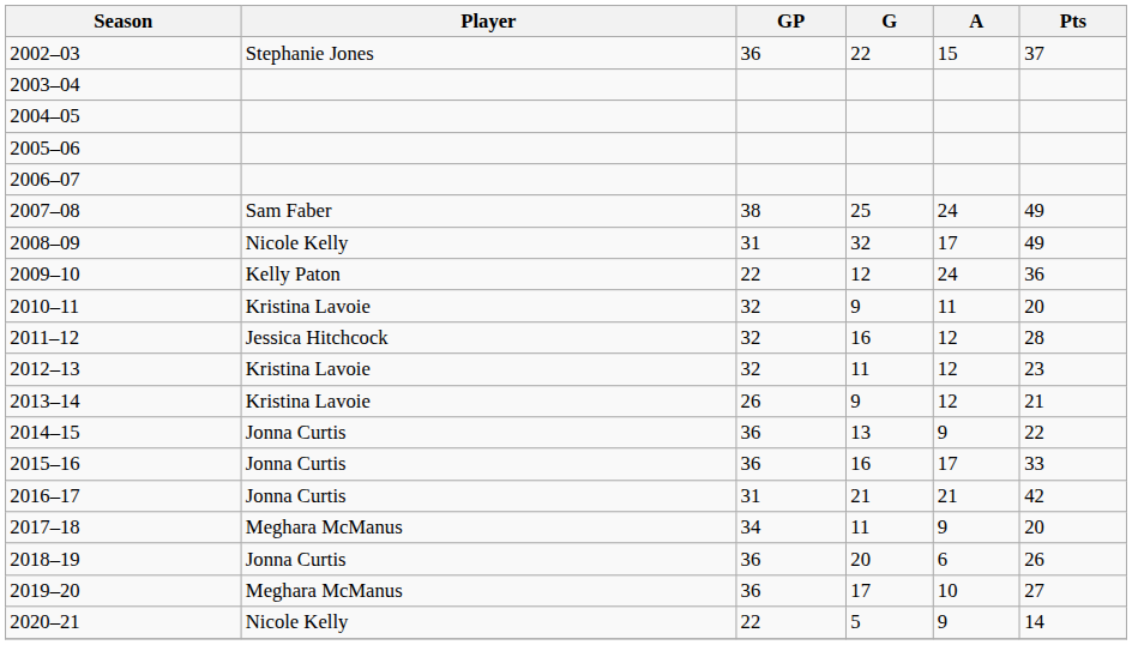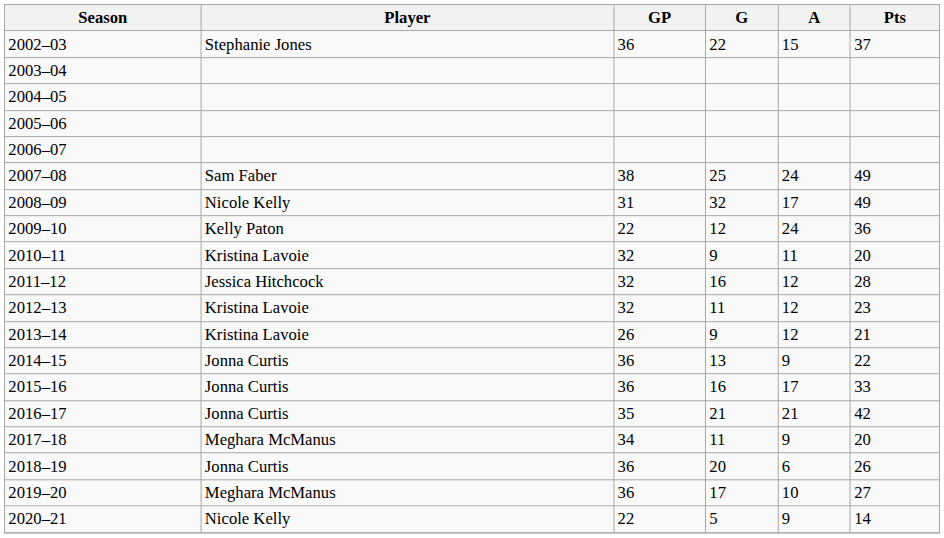 <table class="wikitable sortable" width = 900>
 <tr>
 <th>Season</th>
 <th>Player</th>
 <th>GP</th>
 <th>G</th>
 <th>A</th>
 <th>Pts</th>
 </tr>
 <tr>
 <td>2002–03</td>
 <td>Stephanie Jones</td>
 <td>36</td>
 <td>22</td>
 <td>15</td>
 <td>37</td>
 </tr>
 <tr>
 <td>2003–04</td>
 <td></td>
 <td></td>
 <td></td>
 <td></td>
 <td></td>
 </tr>
 <tr>
 <td>2004–05</td>
 <td></td>
 <td></td>
 <td></td>
 <td></td>
 <td></td>
 </tr>
 <tr>
 <td>2005–06</td>
 <td></td>
 <td></td>
 <td></td>
 <td></td>
 <td></td>
 </tr>
 <tr>
 <td>2006–07</td>
 <td></td>
 <td></td>
 <td></td>
 <td></td>
 <td></td>
 </tr>
 <tr>
 <td>2007–08</td>
 <td>Sam Faber</td>
 <td>38</td>
 <td>25</td>
 <td>24</td>
 <td>49</td>
 </tr>
 <tr>
 <td>2008–09</td>
 <td>Nicole Kelly</td>
 <td>31</td>
 <td>32</td>
 <td>17</td>
 <td>49</td>
 </tr>
 <tr>
 <td>2009–10</td>
 <td>Kelly Paton</td>
 <td>22</td>
 <td>12</td>
 <td>24</td>
 <td>36</td>
 </tr>
 <tr>
 <td>2010–11</td>
 <td>Kristina Lavoie</td>
 <td>32</td>
 <td>9</td>
 <td>11</td>
 <td>20</td>
 </tr>
 <tr>
 <td>2011–12</td>
 <td>Jessica Hitchcock</td>
 <td>32</td>
 <td>16</td>
 <td>12</td>
 <td>28</td>
 </tr>
 <tr>
 <td>2012–13</td>
 <td>Kristina Lavoie</td>
 <td>32</td>
 <td>11</td>
 <td>12</td>
 <td>23</td>
 </tr>
 <tr>
 <td>2013–14</td>
 <td>Kristina Lavoie</td>
 <td>26</td>
 <td>9</td>
 <td>12</td>
 <td>21 </td>
 </tr>
 <tr>
 <td>2014–15</td>
 <td>Jonna Curtis</td>
 <td>36</td>
 <td>13</td>
 <td>9</td>
 <td>22 </td>
 </tr>
 <tr>
 <td>2015–16</td>
 <td>Jonna Curtis</td>
 <td>36</td>
 <td>16</td>
 <td>17</td>
 <td>33 </td>
 </tr>
 <tr>
 <td>2016–17</td>
 <td>Jonna Curtis</td>
-<td>31</td>
+<td>35</td>
 <td>21</td>
 <td>21</td>
 <td>42</td>
 </tr>
 <tr>
 <td>2017–18</td>
 <td>Meghara McManus</td>
 <td>34</td>
 <td>11</td>
 <td>9</td>
 <td>20</td>
 </tr>
 <tr>
 <td>2018–19</td>
 <td>Jonna Curtis</td>
 <td>36</td>
 <td>20</td>
 <td>6</td>
 <td>26</td>
 </tr>
 <tr>
 <td>2019–20</td>
 <td>Meghara McManus</td>
 <td>36</td>
 <td>17</td>
 <td>10</td>
 <td>27</td>
 </tr>
 <tr>
 <td>2020–21</td>
 <td>Nicole Kelly</td>
 <td>22</td>
 <td>5</td>
 <td>9</td>
 <td>14</td>
 </tr>
 <tr>
 </tr>
 </table>
